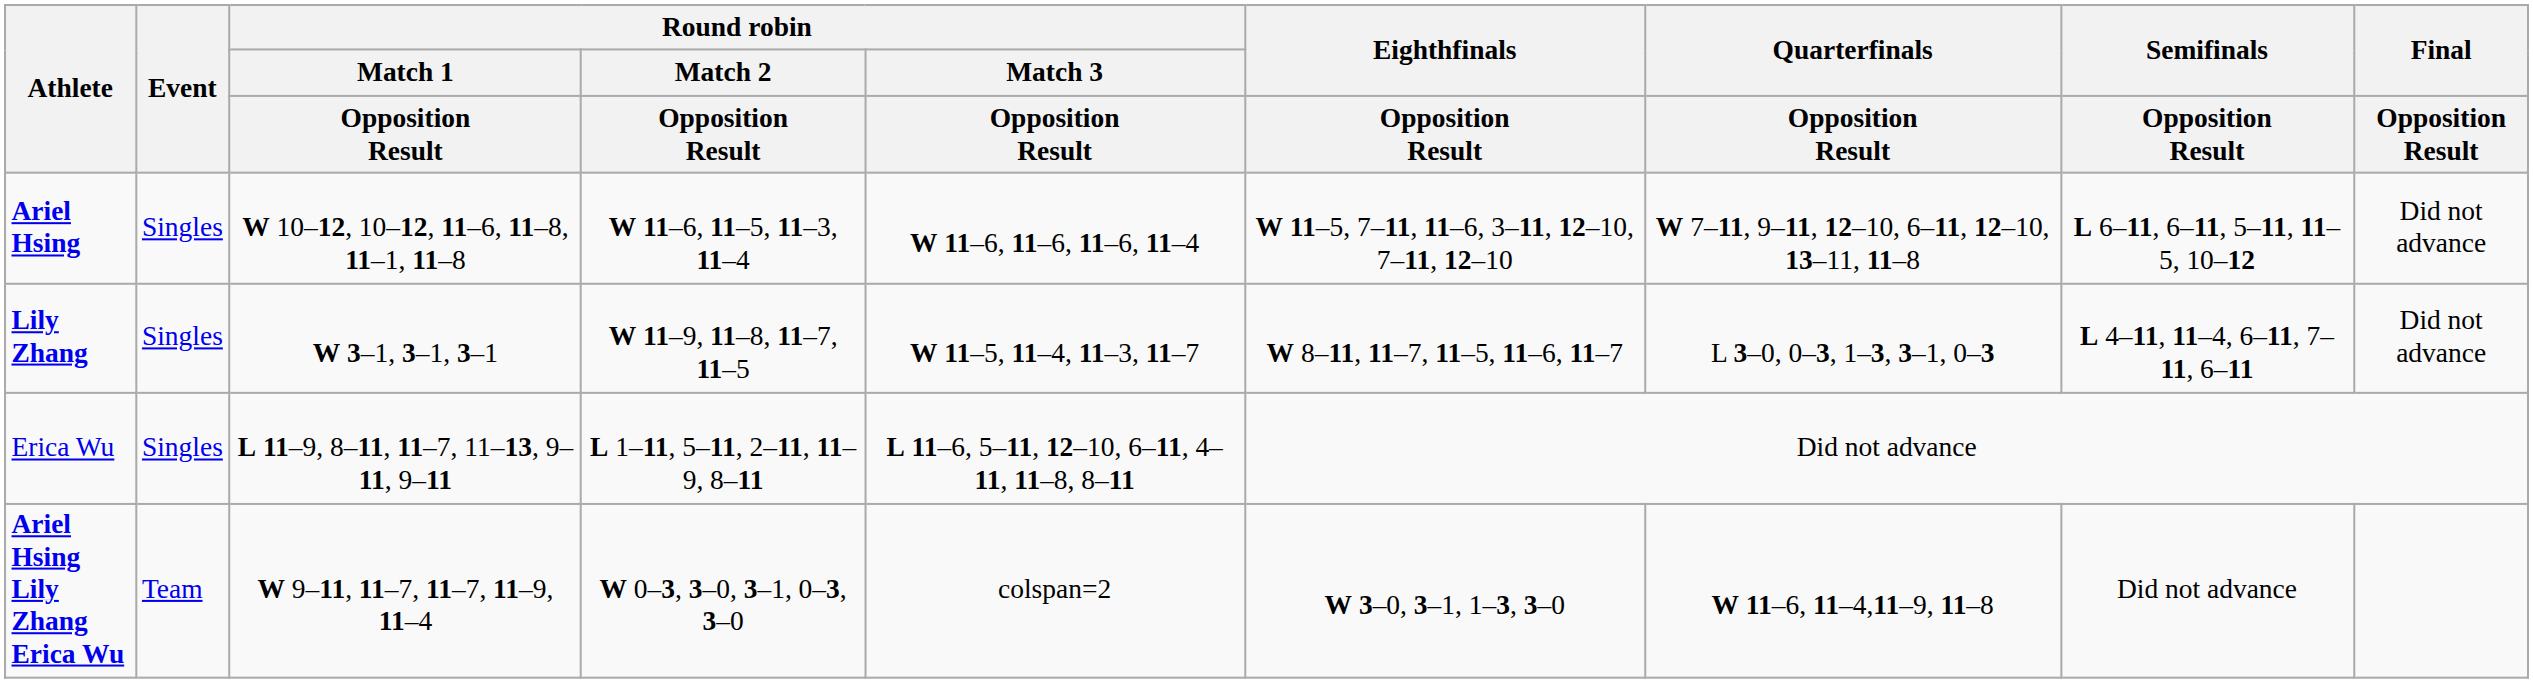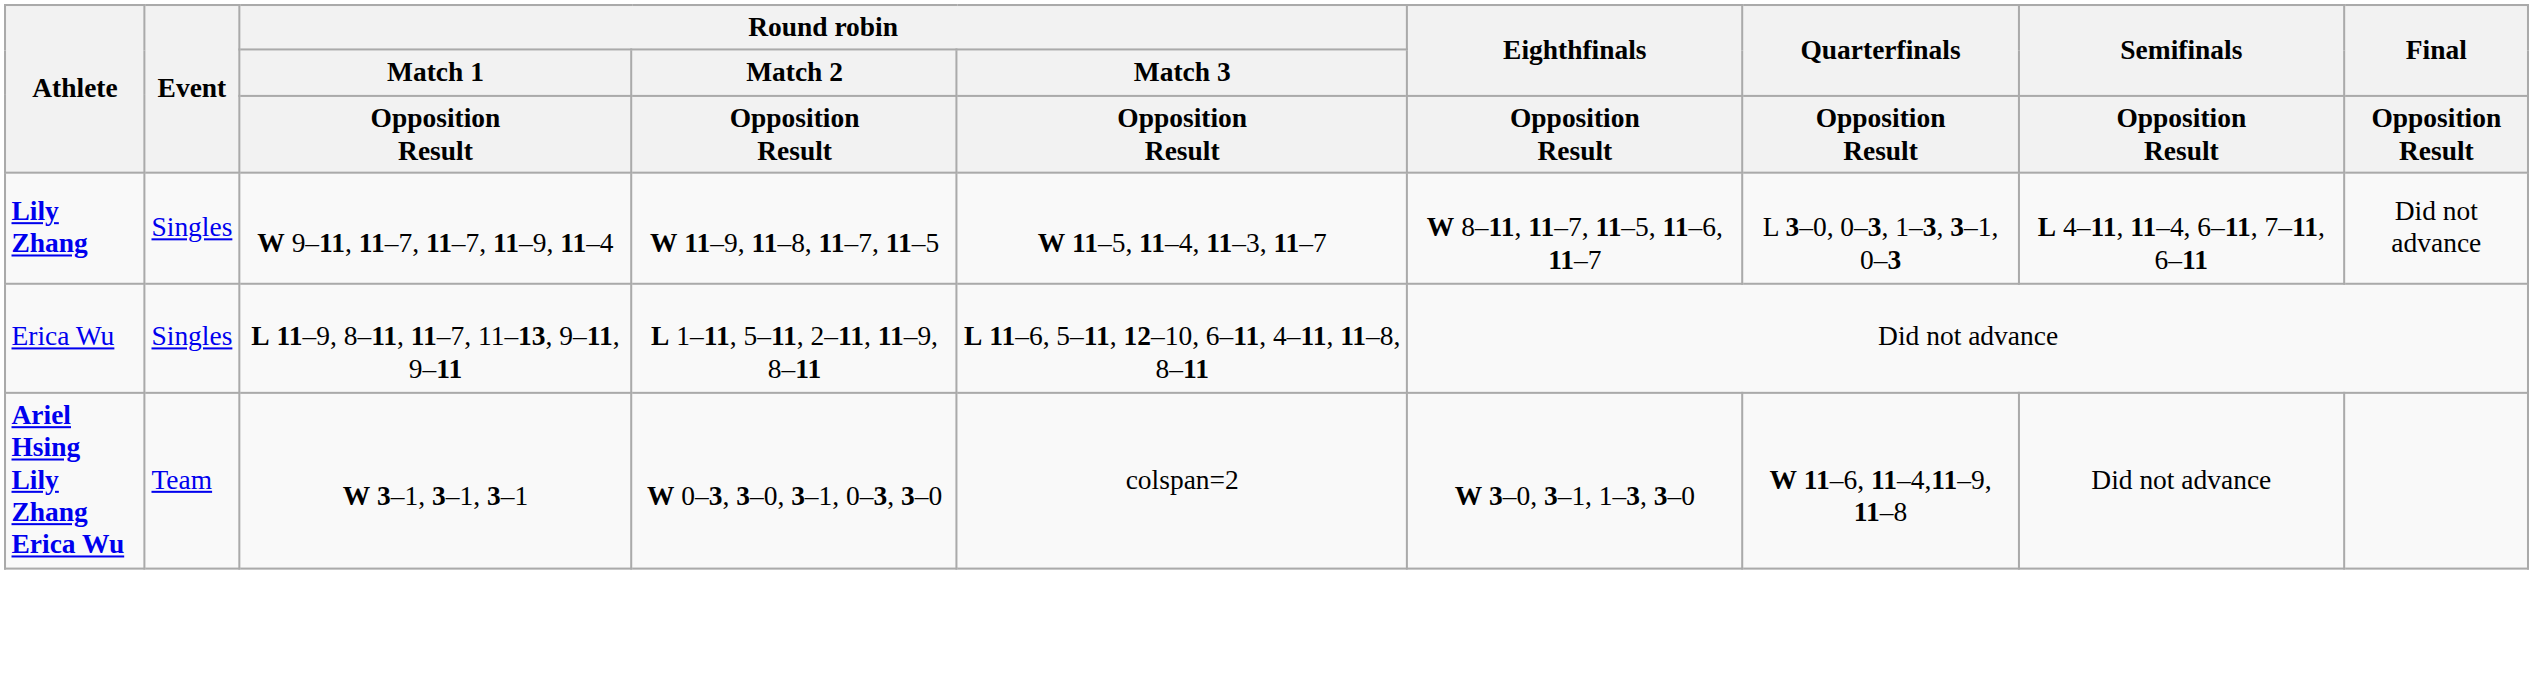 <table class="wikitable" style="font-size:85%">
 <tr>
 <th rowspan=3>Athlete</th>
 <th rowspan=3>Event</th>
 <th colspan=3>Round robin</th>
 <th rowspan=2>Eighthfinals</th>
 <th rowspan=2>Quarterfinals</th>
 <th rowspan=2>Semifinals</th>
 <th rowspan=2>Final</th>
 </tr>
 <tr>
 <th>Match 1</th>
 <th>Match 2</th>
 <th>Match 3</th>
 </tr>
 <tr>
 <th>Opposition<br>Result</th>
 <th>Opposition<br>Result</th>
 <th>Opposition<br>Result</th>
 <th>Opposition<br>Result</th>
 <th>Opposition<br>Result</th>
 <th>Opposition<br>Result</th>
 <th>Opposition<br>Result</th>
 </tr>
 <tr align=center>
-<td align=left><strong><a href='#'>Ariel Hsing</a></strong></td>
-<td align=left><a href='#'>Singles</a></td>
-<td><br><strong>W</strong> 10–<strong>12</strong>, 10–<strong>12</strong>, <strong>11</strong>–6, <strong>11</strong>–8, <strong>11</strong>–1, <strong>11</strong>–8</td>
-<td><br><strong>W</strong> <strong>11</strong>–6, <strong>11</strong>–5, <strong>11</strong>–3, <strong>11</strong>–4</td>
-<td><br><strong>W</strong> <strong>11</strong>–6, <strong>11</strong>–6, <strong>11</strong>–6, <strong>11</strong>–4</td>
-<td><br><strong>W</strong> <strong>11</strong>–5, 7–<strong>11</strong>, <strong>11</strong>–6, 3–<strong>11</strong>, <strong>12</strong>–10, 7–<strong>11</strong>, <strong>12</strong>–10</td>
-<td><br><strong>W</strong> 7–<strong>11</strong>, 9–<strong>11</strong>, <strong>12</strong>–10, 6–<strong>11</strong>, <strong>12</strong>–10, <strong>13</strong>–11, <strong>11</strong>–8</td>
-<td><br><strong>L</strong> 6–<strong>11</strong>, 6–<strong>11</strong>, 5–<strong>11</strong>, <strong>11</strong>–5, 10–<strong>12</strong></td>
-<td>Did not advance<br></td>
-</tr>
-<tr align=center>
 <td align=left><strong><a href='#'>Lily Zhang</a></strong></td>
 <td align=left><a href='#'>Singles</a></td>
-<td><br><strong>W</strong> <strong>3</strong>–1, <strong>3</strong>–1, <strong>3</strong>–1</td>
+<td><br><strong>W</strong> 9–<strong>11</strong>, <strong>11</strong>–7, <strong>11</strong>–7, <strong>11</strong>–9, <strong>11</strong>–4</td>
 <td><br><strong>W</strong> <strong>11</strong>–9, <strong>11</strong>–8, <strong>11</strong>–7, <strong>11</strong>–5</td>
 <td><br><strong>W</strong> <strong>11</strong>–5, <strong>11</strong>–4, <strong>11</strong>–3, <strong>11</strong>–7</td>
 <td><br><strong>W</strong> 8–<strong>11</strong>, <strong>11</strong>–7, <strong>11</strong>–5, <strong>11</strong>–6, <strong>11</strong>–7</td>
 <td><br>L <strong>3</strong>–0, 0–<strong>3</strong>, 1–<strong>3</strong>, <strong>3</strong>–1, 0–<strong>3</strong></td>
 <td><br><strong>L</strong> 4–<strong>11</strong>, <strong>11</strong>–4, 6–<strong>11</strong>, 7–<strong>11</strong>, 6–<strong>11</strong></td>
 <td>Did not advance<br></td>
 </tr>
 <tr align=center>
 <td align=left><a href='#'>Erica Wu</a></td>
 <td align=left><a href='#'>Singles</a></td>
 <td><br><strong>L</strong> <strong>11</strong>–9, 8–<strong>11</strong>, <strong>11</strong>–7, 11–<strong>13</strong>, 9–<strong>11</strong>, 9–<strong>11</strong></td>
 <td><br><strong>L</strong> 1–<strong>11</strong>, 5–<strong>11</strong>, 2–<strong>11</strong>, <strong>11</strong>–9, 8–<strong>11</strong></td>
 <td><br><strong>L</strong> <strong>11</strong>–6, 5–<strong>11</strong>, <strong>12</strong>–10, 6–<strong>11</strong>, 4–<strong>11</strong>, <strong>11</strong>–8, 8–<strong>11</strong></td>
 <td colspan=4>Did not advance</td>
 </tr>
 <tr align=center>
 <td align=left><strong><a href='#'>Ariel Hsing</a><br><a href='#'>Lily Zhang</a><br><a href='#'>Erica Wu</a></strong></td>
 <td align=left><a href='#'>Team</a></td>
-<td><br><strong>W</strong> 9–<strong>11</strong>, <strong>11</strong>–7, <strong>11</strong>–7, <strong>11</strong>–9, <strong>11</strong>–4</td>
+<td><br><strong>W</strong> <strong>3</strong>–1, <strong>3</strong>–1, <strong>3</strong>–1</td>
 <td><br><strong>W</strong> 0–<strong>3</strong>, <strong>3</strong>–0, <strong>3</strong>–1, 0–<strong>3</strong>, <strong>3</strong>–0</td>
 <td>colspan=2 </td>
 <td><br><strong>W</strong> <strong>3</strong>–0, <strong>3</strong>–1, 1–<strong>3</strong>, <strong>3</strong>–0</td>
 <td><br><strong>W</strong> <strong>11</strong>–6, <strong>11</strong>–4,<strong>11</strong>–9, <strong>11</strong>–8</td>
 <td>Did not advance<br></td>
 </tr>
 </table>
